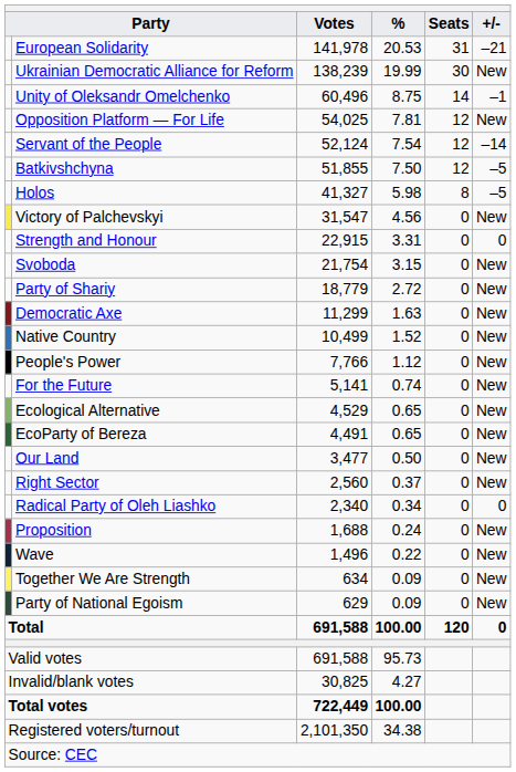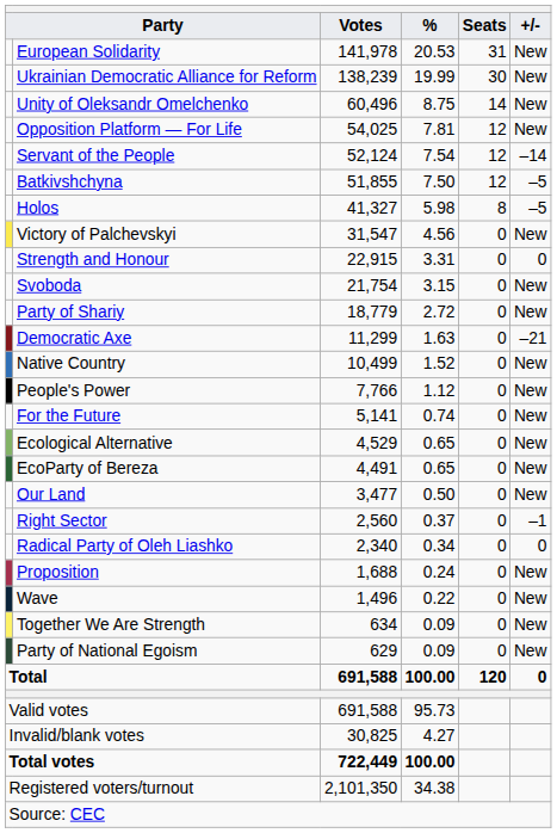 <table class="wikitable" border="1">
 <tr>
 <th colspan="6"></th>
 </tr>
 <tr>
 <th colspan="2" align="center" style="background-color:#EAECF0">Party</th>
 <th align="center" style="background-color:#EAECF0">Votes</th>
 <th align="center" style="background-color:#EAECF0">%</th>
 <th align="center" style="background-color:#EAECF0">Seats</th>
 <th align="center" style="background-color:#EAECF0">+/-</th>
 </tr>
 <tr>
 <td></td>
 <td align="left"><a href='#'>European Solidarity</a></td>
 <td align="right">141,978</td>
 <td align="right">20.53</td>
 <td align="right">31</td>
-<td align="right">–21</td>
+<td align="right">New</td>
 </tr>
 <tr>
 <td></td>
 <td align="left"><a href='#'>Ukrainian Democratic Alliance for Reform</a></td>
 <td align="right">138,239</td>
 <td align="right">19.99</td>
 <td align="right">30</td>
 <td align="right">New</td>
 </tr>
 <tr>
 <td></td>
 <td align="left"><a href='#'>Unity of Oleksandr Omelchenko</a></td>
 <td align="right">60,496</td>
 <td align="right">8.75</td>
 <td align="right">14</td>
-<td align="right">–1</td>
+<td align="right">New</td>
 </tr>
 <tr>
 <td></td>
 <td align="left"><a href='#'>Opposition Platform — For Life</a></td>
 <td align="right">54,025</td>
 <td align="right">7.81</td>
 <td align="right">12</td>
 <td align="right">New</td>
 </tr>
 <tr>
 <td></td>
 <td align="left"><a href='#'>Servant of the People</a></td>
 <td align="right">52,124</td>
 <td align="right">7.54</td>
 <td align="right">12</td>
 <td align="right">–14</td>
 </tr>
 <tr>
 <td></td>
 <td align="left"><a href='#'>Batkivshchyna</a></td>
 <td align="right">51,855</td>
 <td align="right">7.50</td>
 <td align="right">12</td>
 <td align="right">–5</td>
 </tr>
 <tr>
 <td></td>
 <td align="left"><a href='#'>Holos</a></td>
 <td align="right">41,327</td>
 <td align="right">5.98</td>
 <td align="right">8</td>
 <td align="right">–5</td>
 </tr>
 <tr>
 <td style="color:inherit;background:#FBEA4E"></td>
 <td align="left">Victory of Palchevskyi</td>
 <td align="right">31,547</td>
 <td align="right">4.56</td>
 <td align="right">0</td>
 <td align="right">New</td>
 </tr>
 <tr>
 <td></td>
 <td align="left"><a href='#'>Strength and Honour</a></td>
 <td align="right">22,915</td>
 <td align="right">3.31</td>
 <td align="right">0</td>
 <td align="right">0</td>
 </tr>
 <tr>
 <td></td>
 <td align="left"><a href='#'>Svoboda</a></td>
 <td align="right">21,754</td>
 <td align="right">3.15</td>
 <td align="right">0</td>
 <td align="right">New</td>
 </tr>
 <tr>
 <td></td>
 <td align="left"><a href='#'>Party of Shariy</a></td>
 <td align="right">18,779</td>
 <td align="right">2.72</td>
 <td align="right">0</td>
 <td align="right">New</td>
 </tr>
 <tr>
 <td style="color:inherit;background:#84171C"></td>
 <td align="left"><a href='#'>Democratic Axe</a></td>
 <td align="right">11,299</td>
 <td align="right">1.63</td>
 <td align="right">0</td>
-<td align="right">New</td>
+<td align="right">–21</td>
 </tr>
 <tr>
 <td style="color:inherit;background:#3070B6"></td>
 <td align="left">Native Country</td>
 <td align="right">10,499</td>
 <td align="right">1.52</td>
 <td align="right">0</td>
 <td align="right">New</td>
 </tr>
 <tr>
 <td style="color:inherit;background:#000000"></td>
 <td align="left">People's Power</td>
 <td align="right">7,766</td>
 <td align="right">1.12</td>
 <td align="right">0</td>
 <td align="right">New</td>
 </tr>
 <tr>
 <td></td>
 <td align="left"><a href='#'>For the Future</a></td>
 <td align="right">5,141</td>
 <td align="right">0.74</td>
 <td align="right">0</td>
 <td align="right">New</td>
 </tr>
 <tr>
 <td style="color:inherit;background:#83B366"></td>
 <td align="left">Ecological Alternative</td>
 <td align="right">4,529</td>
 <td align="right">0.65</td>
 <td align="right">0</td>
 <td align="right">New</td>
 </tr>
 <tr>
 <td style="color:inherit;background:#2B6435"></td>
 <td align="left">EcoParty of Bereza</td>
 <td align="right">4,491</td>
 <td align="right">0.65</td>
 <td align="right">0</td>
 <td align="right">New</td>
 </tr>
 <tr>
 <td></td>
 <td align="left"><a href='#'>Our Land</a></td>
 <td align="right">3,477</td>
 <td align="right">0.50</td>
 <td align="right">0</td>
 <td align="right">New</td>
 </tr>
 <tr>
 <td></td>
 <td align="left"><a href='#'>Right Sector</a></td>
 <td align="right">2,560</td>
 <td align="right">0.37</td>
 <td align="right">0</td>
-<td align="right">New</td>
+<td align="right">–1</td>
 </tr>
 <tr>
 <td></td>
 <td align="left"><a href='#'>Radical Party of Oleh Liashko</a></td>
 <td align="right">2,340</td>
 <td align="right">0.34</td>
 <td align="right">0</td>
 <td align="right">0</td>
 </tr>
 <tr>
 <td style="color:inherit;background:#A4304E"></td>
 <td align="left"><a href='#'>Proposition</a></td>
 <td align="right">1,688</td>
 <td align="right">0.24</td>
 <td align="right">0</td>
 <td align="right">New</td>
 </tr>
 <tr>
 <td style="color:inherit;background:#0B243A"></td>
 <td align="left">Wave</td>
 <td align="right">1,496</td>
 <td align="right">0.22</td>
 <td align="right">0</td>
 <td align="right">New</td>
 </tr>
 <tr>
 <td style="color:inherit;background:#FDF266"></td>
 <td align="left">Together We Are Strength</td>
 <td align="right">634</td>
 <td align="right">0.09</td>
 <td align="right">0</td>
 <td align="right">New</td>
 </tr>
 <tr>
 <td style="color:inherit;background:#2C4B38"></td>
 <td align="left">Party of National Egoism</td>
 <td align="right">629</td>
 <td align="right">0.09</td>
 <td align="right">0</td>
 <td align="right">New</td>
 </tr>
 <tr>
 <td colspan="2"><strong>Total</strong></td>
 <td align="right"><strong>691,588</strong></td>
 <td align="right"><strong>100.00</strong></td>
 <td align="right"><strong>120</strong></td>
 <td align="right"><strong>0</strong></td>
 </tr>
 <tr style="background-color:#E9E9E9">
 <th colspan="6" align="left"></th>
 </tr>
 <tr>
 <td colspan="2">Valid votes</td>
 <td align="right">691,588</td>
 <td align="right">95.73</td>
 <td></td>
 <td></td>
 </tr>
 <tr>
 <td colspan="2" align="left">Invalid/blank votes</td>
 <td align="right">30,825</td>
 <td align="right">4.27</td>
 <td></td>
 <td></td>
 </tr>
 <tr>
 <td colspan="2" align="left"><strong>Total votes</strong></td>
 <td align="right"><strong>722,449</strong></td>
 <td align="right"><strong>100.00</strong></td>
 <td></td>
 <td></td>
 </tr>
 <tr>
 <td colspan="2" align="left">Registered voters/turnout</td>
 <td align="right">2,101,350</td>
 <td align="right">34.38</td>
 <td></td>
 <td align="right"></td>
 </tr>
 <tr>
 <td colspan="6" align="left">Source: <a href='#'>CEC</a></td>
 </tr>
 </table>
